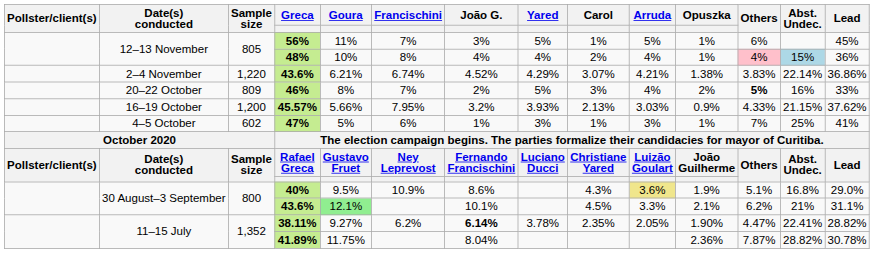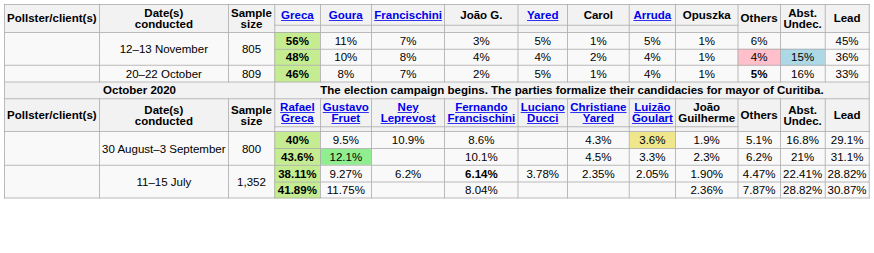 <table class="wikitable" style="text-align:center;font-size:90%;line-height:14px;">
 <tr>
 <th rowspan="2">Pollster/client(s)</th>
 <th rowspan="2">Date(s)<br>conducted</th>
 <th rowspan="2">Sample<br>size</th>
 <th><a href='#'>Greca</a><br></th>
 <th><a href='#'>Goura</a><br></th>
 <th><a href='#'>Francischini</a><br></th>
 <th>João G.<br></th>
 <th><a href='#'>Yared</a><br></th>
 <th>Carol<br></th>
 <th><a href='#'>Arruda</a><br></th>
 <th>Opuszka<br></th>
 <th rowspan="2">Others</th>
 <th rowspan="2">Abst.<br>Undec.</th>
 <th rowspan="2">Lead</th>
 </tr>
 <tr>
 <th class="sortable" data-sort-type="number" style="background:"></th>
 <th class="sortable" data-sort-type="number" style="background:"></th>
 <th class="sortable" data-sort-type="number" style="background:"></th>
 <th class="sortable" data-sort-type="number" style="background:"></th>
 <th class="sortable" data-sort-type="number" style="background:"></th>
 <th class="sortable" data-sort-type="number" style="background:"></th>
 <th class="sortable" data-sort-type="number" style="background:"></th>
 <th class="sortable" data-sort-type="number" style="background:"></th>
 </tr>
 <tr>
 <td rowspan="2"></td>
 <td rowspan="2">12–13 November</td>
 <td rowspan="2">805</td>
 <td style="background:#c5ec91;"><strong>56%</strong></td>
 <td>11%</td>
 <td>7%</td>
 <td>3%</td>
 <td>5%</td>
 <td>1%</td>
 <td>5%</td>
 <td>1%</td>
 <td>6%</td>
 <td></td>
 <td style="background:">45%</td>
 </tr>
 <tr>
 <td style="background:#c5ec91;"><strong>48%</strong></td>
 <td>10%</td>
 <td>8%</td>
 <td>4%</td>
 <td>4%</td>
 <td>2%</td>
 <td>4%</td>
 <td>1%</td>
 <td style="background: pink;">4%</td>
 <td style="background: lightblue;">15%</td>
 <td style="background:">36%</td>
 </tr>
 <tr>
 <td></td>
-<td>2–4 November</td>
-<td>1,220</td>
-<td style="background:#c5ec91;"><strong>43.6%</strong></td>
-<td>6.21%</td>
-<td>6.74%</td>
-<td>4.52%</td>
-<td>4.29%</td>
-<td>3.07%</td>
-<td>4.21%</td>
-<td>1.38%</td>
-<td>3.83%</td>
-<td>22.14%</td>
-<td style="background:">36.86%</td>
-</tr>
-<tr>
-<td></td>
 <td>20–22 October</td>
 <td>809</td>
 <td style="background:#c5ec91;"><strong>46%</strong></td>
 <td>8%</td>
 <td>7%</td>
 <td>2%</td>
 <td>5%</td>
-<td>3%</td>
+<td>1%</td>
 <td>4%</td>
-<td>2%</td>
+<td>1%</td>
 <td><strong>5%</strong></td>
 <td>16%</td>
 <td style="background:">33%</td>
-</tr>
-<tr>
-<td></td>
-<td>16–19 October</td>
-<td>1,200</td>
-<td style="background:#c5ec91;"><strong>45.57%</strong></td>
-<td>5.66%</td>
-<td>7.95%</td>
-<td>3.2%</td>
-<td>3.93%</td>
-<td>2.13%</td>
-<td>3.03%</td>
-<td>0.9%</td>
-<td>4.33%</td>
-<td>21.15%</td>
-<td style="background:">37.62%</td>
-</tr>
-<tr>
-<td></td>
-<td>4–5 October</td>
-<td>602</td>
-<td style="background:#c5ec91;"><strong>47%</strong></td>
-<td>5%</td>
-<td>6%</td>
-<td>1%</td>
-<td>3%</td>
-<td>1%</td>
-<td>3%</td>
-<td>1%</td>
-<td>7%</td>
-<td>25%</td>
-<td style="background:">41%</td>
 </tr>
 <tr>
 <th colspan="3">October 2020</th>
 <th colspan="11">The election campaign begins. The parties formalize their candidacies for mayor of Curitiba.</th>
 </tr>
 <tr>
 <th rowspan="2">Pollster/client(s)</th>
 <th rowspan="2">Date(s)<br>conducted</th>
 <th rowspan="2">Sample<br>size</th>
 <th class="unsortable" style="width:50px;"><a href='#'>Rafael Greca</a><br></th>
 <th class="unsortable" style="width:50px;"><a href='#'>Gustavo Fruet</a><br></th>
 <th class="unsortable" style="width:50px;"><a href='#'>Ney Leprevost</a><br></th>
 <th class="unsortable" style="width:50px;"><a href='#'>Fernando Francischini</a><br></th>
 <th class="unsortable" style="width:50px;"><a href='#'>Luciano Ducci</a><br></th>
 <th class="unsortable" style="width:50px;"><a href='#'>Christiane Yared</a><br></th>
 <th class="unsortable" style="width:50px;"><a href='#'>Luizão Goulart</a><br></th>
 <th class="unsortable" style="width:50px;">João Guilherme<br></th>
 <th rowspan="2">Others</th>
 <th rowspan="2">Abst.<br>Undec.</th>
 <th rowspan="2">Lead</th>
 </tr>
 <tr>
 <th class="sortable" data-sort-type="number" style="background:"></th>
 <th class="sortable" data-sort-type="number" style="background:"></th>
 <th class="sortable" data-sort-type="number" style="background:"></th>
 <th class="sortable" data-sort-type="number" style="background:"></th>
 <th class="sortable" data-sort-type="number" style="background:"></th>
 <th class="sortable" data-sort-type="number" style="background:"></th>
 <th class="sortable" data-sort-type="number" style="background:"></th>
 <th class="sortable" data-sort-type="number" style="background:"></th>
 </tr>
 <tr>
 <td rowspan="2"></td>
 <td rowspan="2">30 August–3 September</td>
 <td rowspan="2">800</td>
 <td style="background:#c5ec91;"><strong>40%</strong></td>
 <td>9.5%</td>
 <td>10.9%</td>
 <td>8.6%</td>
 <td></td>
 <td>4.3%</td>
 <td style="background: khaki;">3.6%</td>
 <td>1.9%</td>
 <td>5.1%</td>
 <td>16.8%</td>
-<td style="background:">29.0%</td>
+<td style="background:">29.1%</td>
 </tr>
 <tr>
 <td style="background:#c5ec91;"><strong>43.6%</strong></td>
 <td style="background: lightgreen;">12.1%</td>
 <td></td>
 <td>10.1%</td>
 <td></td>
 <td>4.5%</td>
 <td>3.3%</td>
-<td>2.1%</td>
+<td>2.3%</td>
 <td>6.2%</td>
 <td>21%</td>
 <td style="background:">31.1%</td>
 </tr>
 <tr>
 <td rowspan="2"></td>
 <td rowspan="2">11–15 July</td>
 <td rowspan="2">1,352</td>
 <td style="background:#c5ec91;"><strong>38.11%</strong></td>
 <td>9.27%</td>
 <td>6.2%</td>
 <td><strong>6.14%</strong></td>
 <td>3.78%</td>
 <td>2.35%</td>
 <td>2.05%</td>
 <td>1.90%</td>
 <td>4.47%</td>
 <td>22.41%</td>
 <td style="background:">28.82%</td>
 </tr>
 <tr>
 <td style="background:#c5ec91;"><strong>41.89%</strong></td>
 <td>11.75%</td>
 <td></td>
 <td>8.04%</td>
 <td></td>
 <td></td>
 <td></td>
 <td>2.36%</td>
 <td>7.87%</td>
 <td>28.82%</td>
-<td style="background:">30.78%</td>
+<td style="background:">30.87%</td>
 </tr>
 </table>
